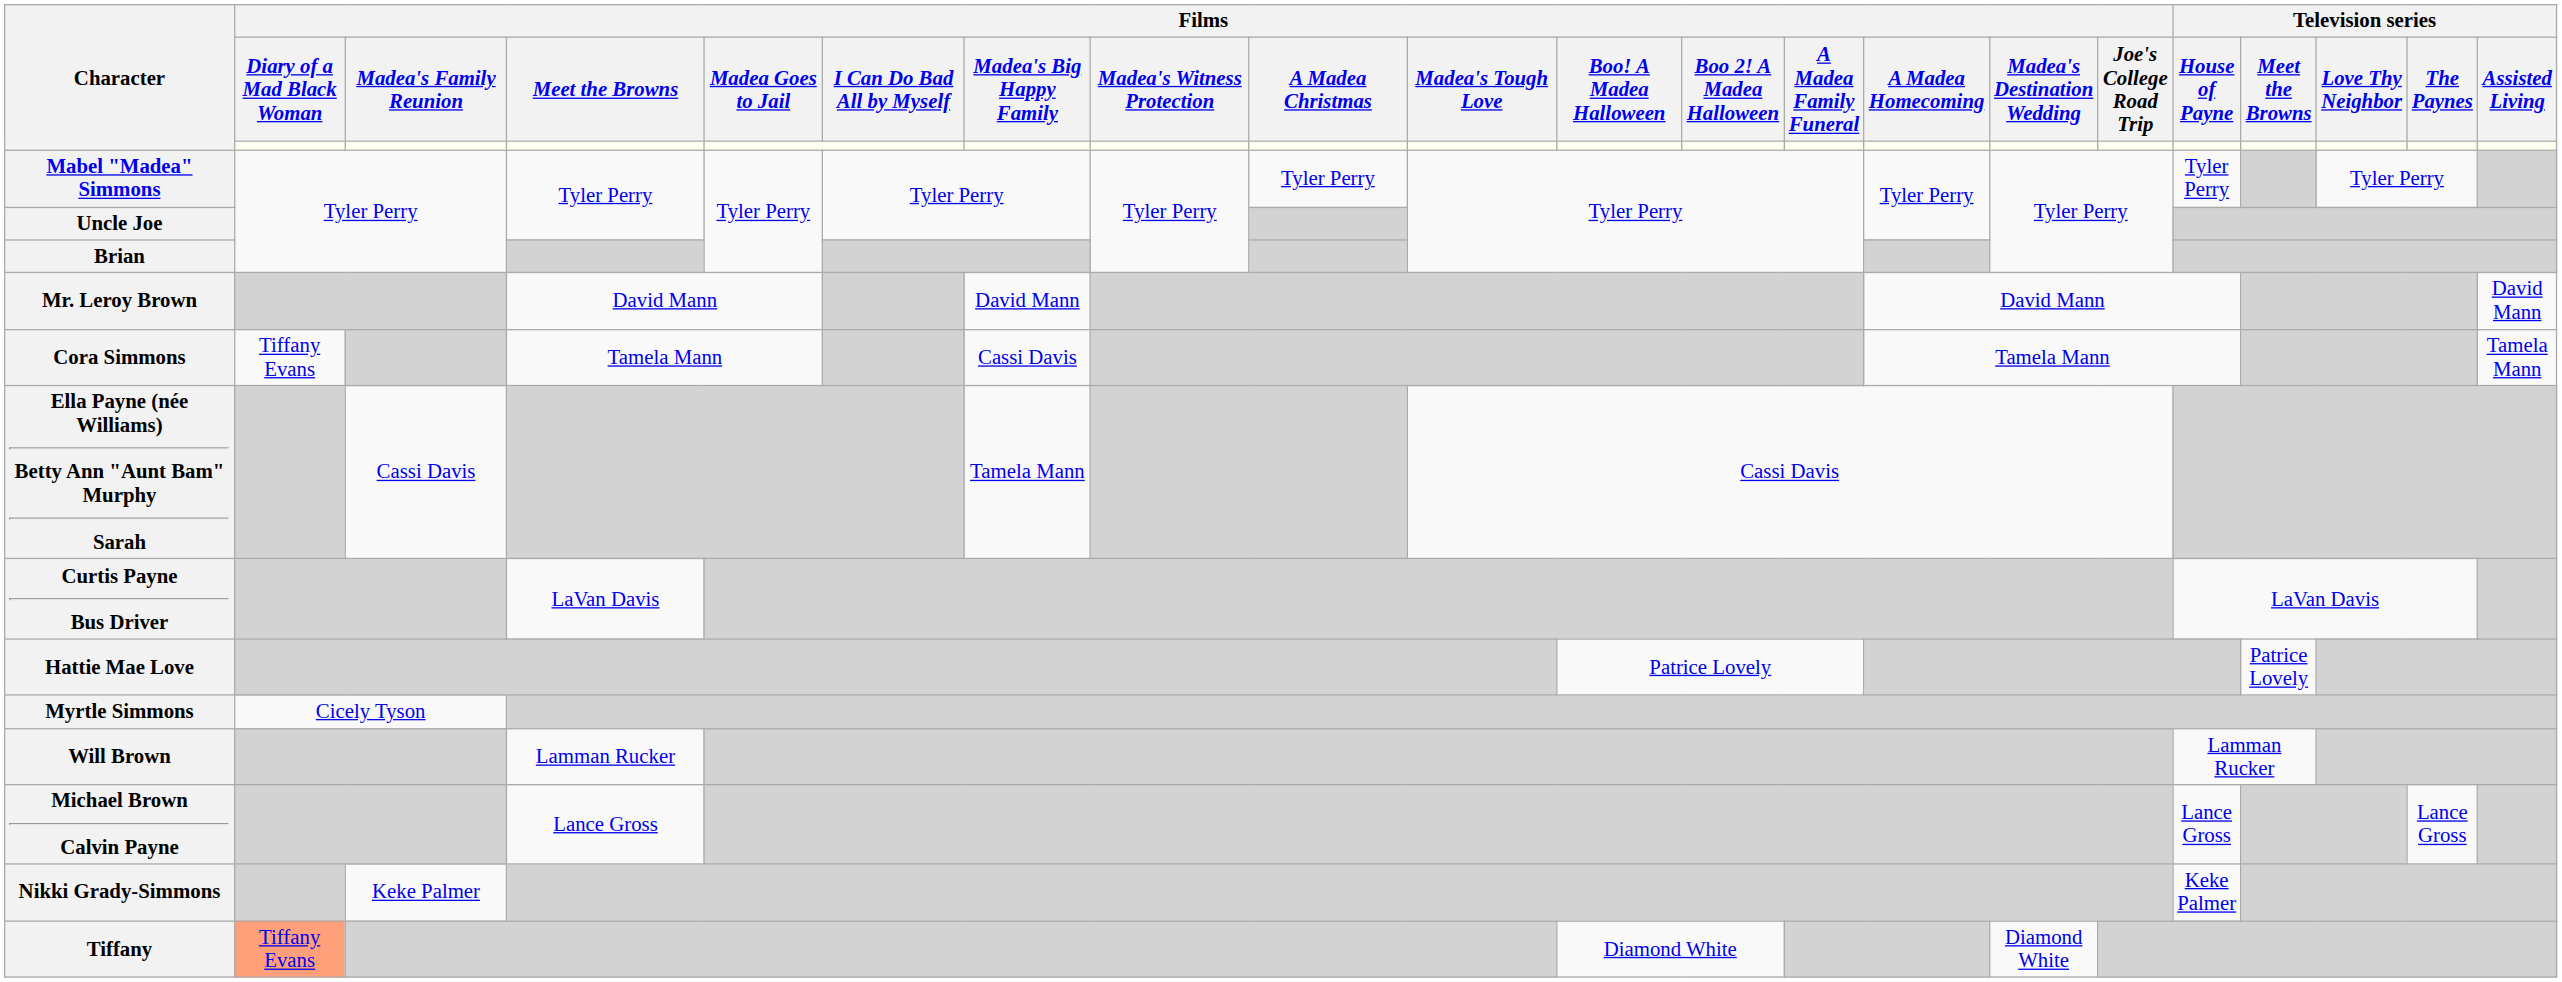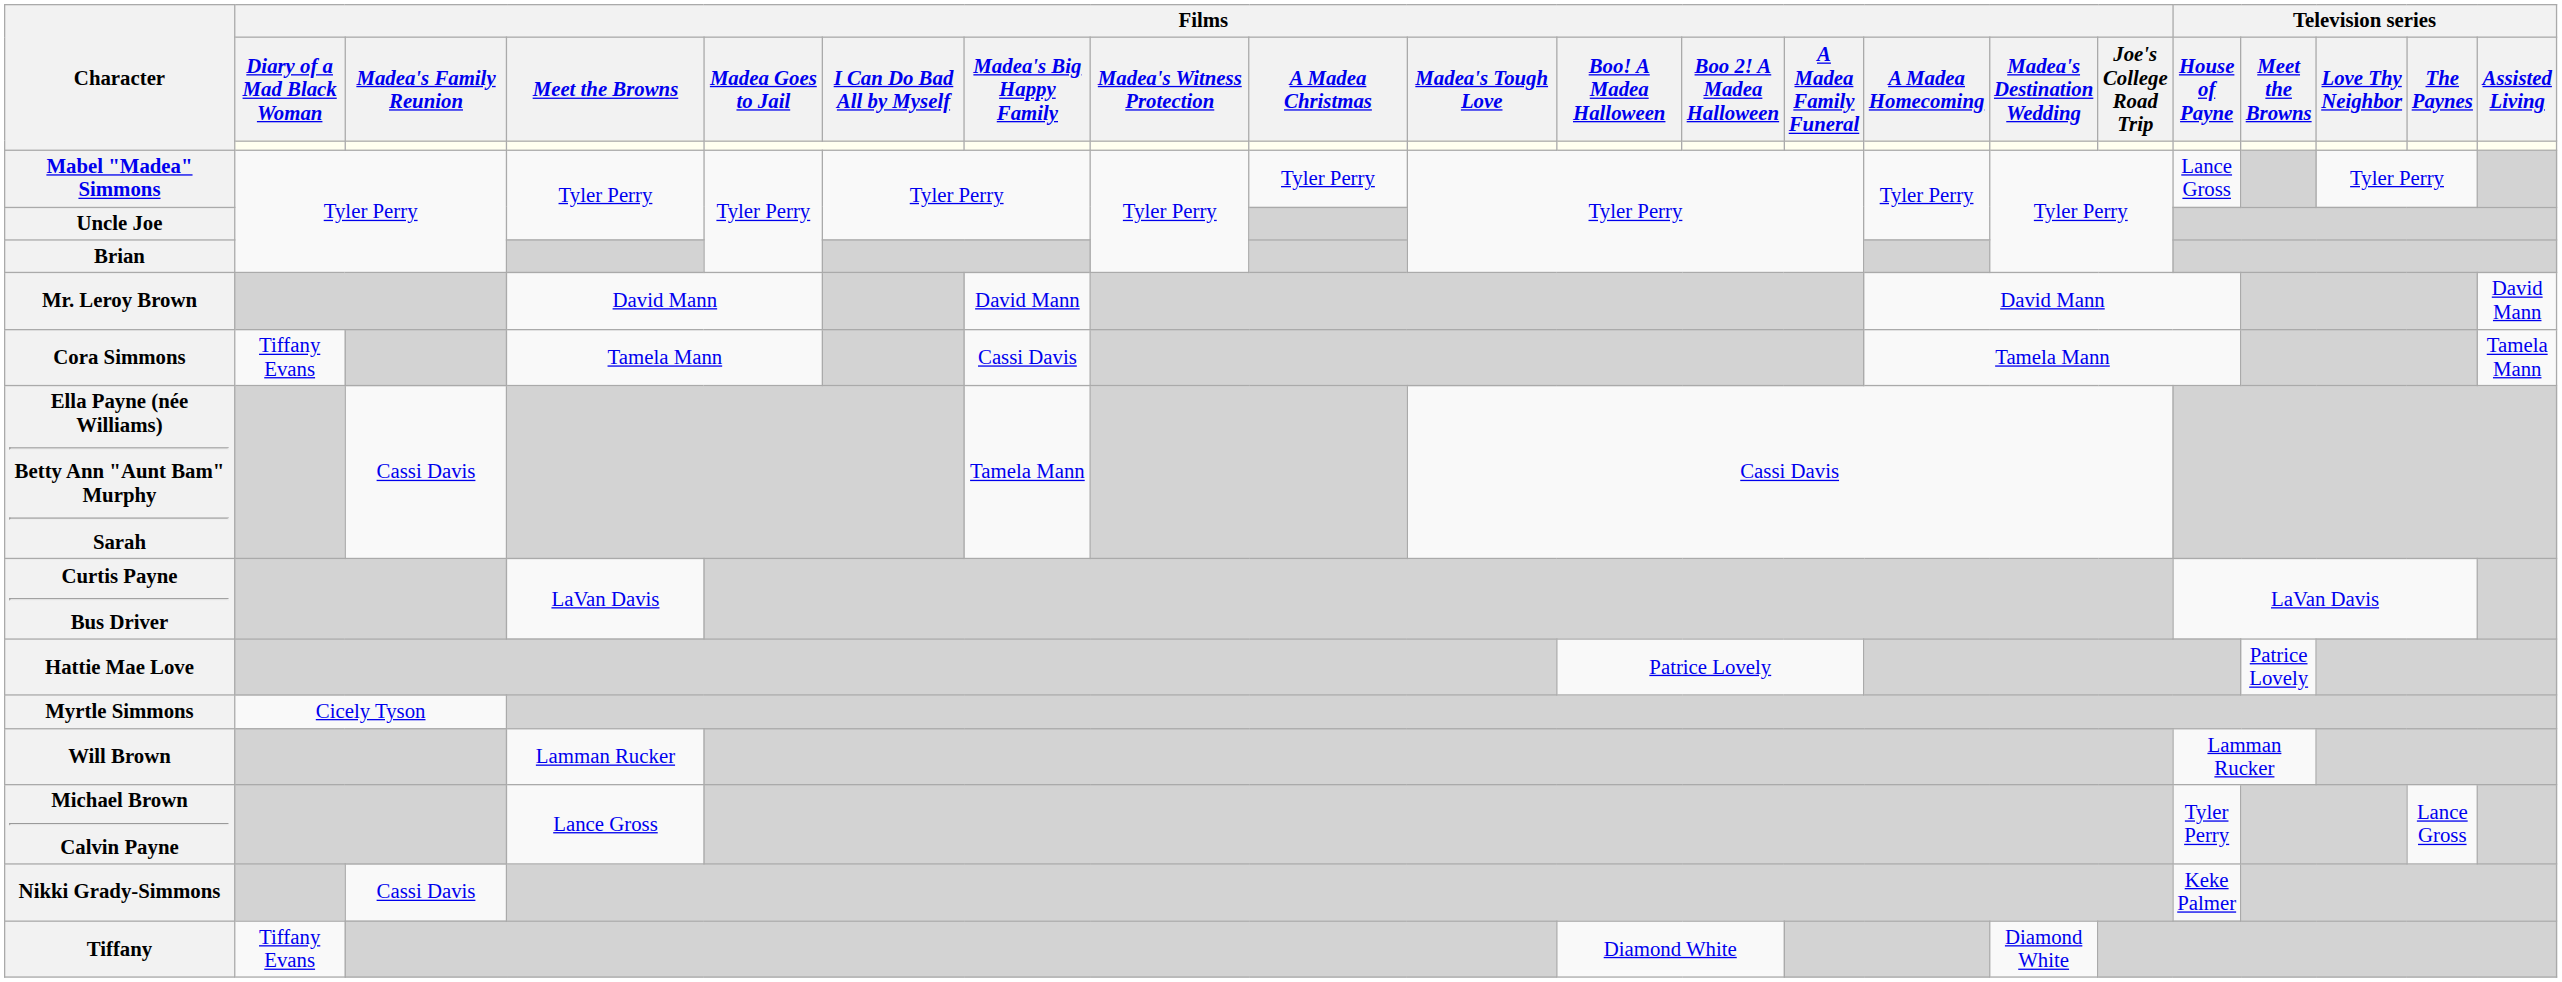 <table class="wikitable" style="text-align:center; width:99%;">
 <tr>
 <th rowspan="3" style="width:15%;">Character</th>
 <th colspan="15">Films</th>
 <th colspan="5">Television series</th>
 </tr>
 <tr>
 <th style="text-align:center; width:06%;"><em><a href='#'>Diary of a Mad Black Woman</a></em></th>
 <th style="text-align:center; width:10%;"><em><a href='#'>Madea's Family Reunion</a></em></th>
 <th style="text-align:center; width:13%;"><em><a href='#'>Meet the Browns</a></em></th>
 <th style="text-align:center; width:07%;"><em><a href='#'>Madea Goes to Jail</a></em></th>
 <th style="text-align:center; width:09%;"><em><a href='#'>I Can Do Bad All by Myself</a></em></th>
 <th style="text-align:center; width:07%;"><em><a href='#'>Madea's Big Happy Family</a></em></th>
 <th style="text-align:center; width:09%;"><em><a href='#'>Madea's Witness Protection</a></em></th>
 <th style="text-align:center; width:09%;"><em><a href='#'>A Madea Christmas</a></em></th>
 <th style="text-align:center; width:09%;"><em><a href='#'>Madea's Tough Love</a></em></th>
 <th style="text-align:center; width:09%;"><em><a href='#'>Boo! A Madea Halloween</a></em></th>
 <th style="text-align:center; width:09%;"><em><a href='#'>Boo 2! A Madea Halloween</a></em></th>
 <th style="text-align:center; width:09%;"><em><a href='#'>A Madea Family Funeral</a></em></th>
 <th style=“text-align:center; width:09%;”><em><a href='#'>A Madea Homecoming</a></em></th>
 <th style="text-align:center; width:09%;"><em><a href='#'>Madea's Destination Wedding</a></em></th>
 <th style="text-align:center; width:09%;"><em>Joe's College Road Trip</em></th>
 <th style="text-align:center; width:13%;"><em><a href='#'>House of Payne</a></em></th>
 <th style="text-align:center; width:13%;"><em><a href='#'>Meet the Browns</a></em></th>
 <th style="text-align:center; width:13%;"><em><a href='#'>Love Thy Neighbor</a></em></th>
 <th style="text-align:center; width:13%;"><em><a href='#'>The Paynes</a></em></th>
 <th style="text-align:center; width:13%;"><em><a href='#'>Assisted Living</a></em></th>
 </tr>
 <tr>
 <th style="background:ivory;"><span></span></th>
 <th style="background:ivory;"><span></span></th>
 <th style="background:ivory;"><span></span></th>
 <th colspan="2" style="background:ivory;"><span></span></th>
 <th style="background:ivory;"><span></span></th>
 <th style="background:ivory;"><span></span></th>
 <th style="background:ivory;"><span></span></th>
 <th style="background:ivory;"><span></span></th>
 <th style="background:ivory;"><span></span></th>
 <th style="background:ivory;"><span></span></th>
 <th style="background:ivory;"><span></span></th>
 <th style="background:ivory;"><span></span></th>
 <th style="background:ivory;"><span></span></th>
 <th style="background:ivory;"><span></span></th>
 <th style="background:ivory;"><span></span></th>
 <th style="background:ivory;"><span></span></th>
 <th style="background:ivory;"><span></span></th>
 <th style="background:ivory;"><span></span></th>
 <th style="background:ivory;"><span></span></th>
 </tr>
 <tr>
 <th><a href='#'>Mabel "Madea" Simmons</a></th>
 <td rowspan="3" colspan="2"><a href='#'>Tyler Perry</a></td>
 <td rowspan="2"><a href='#'>Tyler Perry</a></td>
 <td rowspan="3"><a href='#'>Tyler Perry</a></td>
 <td rowspan="2" colspan="2"><a href='#'>Tyler Perry</a></td>
 <td rowspan="3" colspan="1"><a href='#'>Tyler Perry</a></td>
 <td rowspan="1" colspan="1"><a href='#'>Tyler Perry</a></td>
 <td rowspan="3" colspan="4"><a href='#'>Tyler Perry</a></td>
 <td rowspan="2" colspan="1"><a href='#'>Tyler Perry</a></td>
 <td rowspan="3" colspan="2"><a href='#'>Tyler Perry</a></td>
-<td><a href='#'>Tyler Perry</a></td>
+<td><a href='#'>Lance Gross</a></td>
 <td style="background:#d3d3d3;"></td>
 <td colspan="2"><a href='#'>Tyler Perry</a></td>
 <td style="background:#d3d3d3;"></td>
 </tr>
 <tr>
 <th>Uncle Joe</th>
 <td style="background:#d3d3d3;"></td>
 <td colspan="5" style="background:#d3d3d3;"></td>
 </tr>
 <tr>
 <th>Brian</th>
 <td style="background:#d3d3d3;"></td>
 <td colspan="2" style="background:#d3d3d3;"></td>
 <td style="background:#d3d3d3;"></td>
 <td style="background:#d3d3d3;"></td>
 <td colspan="5" style="background:#d3d3d3;"></td>
 </tr>
 <tr>
 <th>Mr. Leroy Brown</th>
 <td colspan="2" style="background:#d3d3d3;"></td>
 <td colspan="2"><a href='#'>David Mann</a></td>
 <td style="background:#d3d3d3;"></td>
 <td><a href='#'>David Mann</a></td>
 <td colspan="6" style="background:#d3d3d3;"></td>
 <td colspan="4"><a href='#'>David Mann</a></td>
 <td colspan="3" style="background:#d3d3d3;"></td>
 <td><a href='#'>David Mann</a></td>
 </tr>
 <tr>
 <th>Cora Simmons</th>
 <td><a href='#'>Tiffany Evans</a></td>
 <td style="background:#d3d3d3;"></td>
 <td colspan="2"><a href='#'>Tamela Mann</a></td>
 <td style="background:#d3d3d3;"></td>
 <td><a href='#'>Cassi Davis</a></td>
 <td colspan="6" style="background:#d3d3d3;"></td>
 <td colspan="4"><a href='#'>Tamela Mann</a></td>
 <td colspan="3" style="background:#d3d3d3;"></td>
 <td><a href='#'>Tamela Mann</a></td>
 </tr>
 <tr>
 <th>Ella Payne (née Williams)<hr>Betty Ann "Aunt Bam" Murphy<hr>Sarah</th>
 <td colspan="1" style="background:#d3d3d3;"></td>
 <td><a href='#'>Cassi Davis</a></td>
 <td colspan="3" style="background:#d3d3d3;"></td>
 <td><a href='#'>Tamela Mann</a></td>
 <td colspan="2" style="background:#d3d3d3;"></td>
 <td colspan="7"><a href='#'>Cassi Davis</a></td>
 <td colspan="5" style="background:#d3d3d3;"></td>
 </tr>
 <tr>
 <th>Curtis Payne<hr>Bus Driver</th>
 <td colspan="2" style="background:#d3d3d3;"></td>
 <td><a href='#'>LaVan Davis</a></td>
 <td colspan="12" style="background:#d3d3d3;"></td>
 <td colspan="4"><a href='#'>LaVan Davis</a></td>
 <td style="background:#d3d3d3;"></td>
 </tr>
 <tr>
 <th>Hattie Mae Love</th>
 <td colspan="9" style="background:#d3d3d3;"></td>
 <td colspan="3"><a href='#'>Patrice Lovely</a></td>
 <td colspan="4" style="background:#d3d3d3;"></td>
 <td><a href='#'>Patrice Lovely</a></td>
 <td colspan="3" style="background:#d3d3d3;"></td>
 </tr>
 <tr>
 <th>Myrtle Simmons</th>
 <td rowspan="1" colspan="2"><a href='#'>Cicely Tyson</a></td>
 <td colspan="18" style="background:#d3d3d3;"></td>
 </tr>
 <tr>
 <th>Will Brown</th>
 <td colspan="2" style="background:#d3d3d3;"></td>
 <td><a href='#'>Lamman Rucker</a></td>
 <td colspan="12" style="background:#d3d3d3;"></td>
 <td colspan="2"><a href='#'>Lamman Rucker</a></td>
 <td colspan="3" style="background:#d3d3d3;"></td>
 </tr>
 <tr>
 <th>Michael Brown<hr>Calvin Payne</th>
 <td colspan="2" style="background:#d3d3d3;"></td>
 <td><a href='#'>Lance Gross</a></td>
 <td colspan="12" style="background:#d3d3d3;"></td>
-<td><a href='#'>Lance Gross</a></td>
+<td><a href='#'>Tyler Perry</a></td>
 <td colspan="2" style="background:#d3d3d3;"></td>
 <td><a href='#'>Lance Gross</a></td>
 <td colspan="1" style="background:#d3d3d3;"></td>
 </tr>
 <tr>
 <th>Nikki Grady-Simmons</th>
 <td style="background:#d3d3d3;"></td>
-<td><a href='#'>Keke Palmer</a></td>
+<td><a href='#'>Cassi Davis</a></td>
 <td colspan="13" style="background:#d3d3d3;"></td>
 <td><a href='#'>Keke Palmer</a></td>
 <td colspan="4" style="background:#d3d3d3;"></td>
 </tr>
 <tr>
 <th>Tiffany</th>
-<td style="background: lightsalmon;"><a href='#'>Tiffany Evans</a></td>
+<td><a href='#'>Tiffany Evans</a></td>
 <td colspan="8" style="background:#d3d3d3;"></td>
 <td colspan="2"><a href='#'>Diamond White</a></td>
 <td colspan="2" style="background:#d3d3d3;"></td>
 <td colspan="1"><a href='#'>Diamond White</a></td>
 <td colspan="6" style="background:#d3d3d3;"></td>
 </tr>
 </table>
